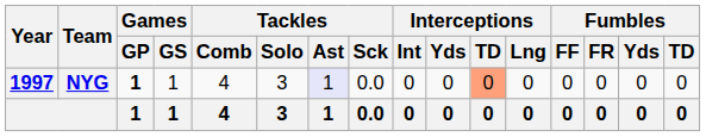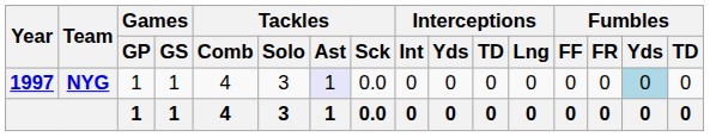 <table class="wikitable" style="text-align:center">
 <tr>
 <th rowspan="2">Year</th>
 <th rowspan="2">Team</th>
 <th colspan="2">Games</th>
 <th colspan="4">Tackles</th>
 <th colspan="4">Interceptions</th>
 <th colspan="4">Fumbles</th>
 </tr>
 <tr>
 <th>GP</th>
 <th>GS</th>
 <th>Comb</th>
 <th>Solo</th>
 <th>Ast</th>
 <th>Sck</th>
 <th>Int</th>
 <th>Yds</th>
 <th>TD</th>
 <th>Lng</th>
 <th>FF</th>
 <th>FR</th>
 <th>Yds</th>
 <th>TD</th>
 </tr>
 <tr>
 <th><a href='#'>1997</a></th>
 <th><a href='#'>NYG</a></th>
-<td><strong>1</strong></td>
+<td>1</td>
 <td>1</td>
 <td>4</td>
 <td>3</td>
 <td style="background: lavender;">1</td>
 <td>0.0</td>
 <td>0</td>
 <td>0</td>
-<td style="background: lightsalmon;">0</td>
 <td>0</td>
 <td>0</td>
 <td>0</td>
 <td>0</td>
+<td style="background: lightblue;">0</td>
 <td>0</td>
 </tr>
 <tr>
 <th colspan="2"></th>
 <th>1</th>
 <th>1</th>
 <th>4</th>
 <th>3</th>
 <th>1</th>
 <th>0.0</th>
 <th>0</th>
 <th>0</th>
 <th>0</th>
 <th>0</th>
 <th>0</th>
 <th>0</th>
 <th>0</th>
 <th>0</th>
 </tr>
 </table>
